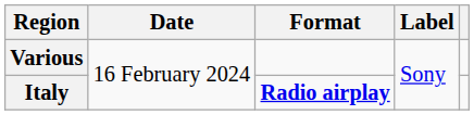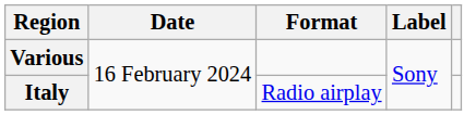 <table class="wikitable plainrowheaders">
 <tr>
 <th scope="col">Region</th>
 <th scope="col">Date</th>
 <th scope="col">Format</th>
 <th scope="col">Label</th>
 <th scope="col"></th>
 </tr>
 <tr>
 <th scope="row">Various</th>
 <td rowspan="2">16 February 2024</td>
 <td></td>
 <td rowspan="2"><a href='#'>Sony</a></td>
 <td style="text-align:center"></td>
 </tr>
 <tr>
 <th scope="row">Italy</th>
-<td><strong><a href='#'>Radio airplay</a></strong></td>
+<td><a href='#'>Radio airplay</a></td>
 <td style="text-align:center"></td>
 </tr>
 </table>
